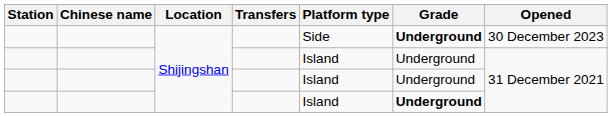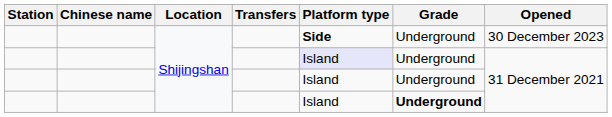 <table class=wikitable>
 <tr>
 <th>Station</th>
 <th>Chinese name</th>
 <th>Location</th>
 <th>Transfers</th>
 <th>Platform type</th>
 <th>Grade</th>
 <th>Opened</th>
 </tr>
 <tr>
 <td></td>
 <td><span></span></td>
 <td rowspan=4 bgcolor=#F8F9FA><a href='#'>Shijingshan</a></td>
 <td></td>
-<td>Side</td>
-<td><strong>Underground</strong></td>
+<td><strong>Side</strong></td>
+<td>Underground</td>
 <td>30 December 2023</td>
 </tr>
 <tr>
 <td></td>
 <td><span></span></td>
 <td> </td>
-<td>Island</td>
+<td style="background: lavender;">Island</td>
 <td>Underground</td>
 <td rowspan=3>31 December 2021</td>
 </tr>
 <tr>
 <td></td>
 <td><span></span></td>
 <td></td>
 <td>Island</td>
 <td>Underground</td>
 </tr>
 <tr>
 <td></td>
 <td><span></span></td>
 <td></td>
 <td>Island</td>
 <td><strong>Underground</strong></td>
 </tr>
 </table>
